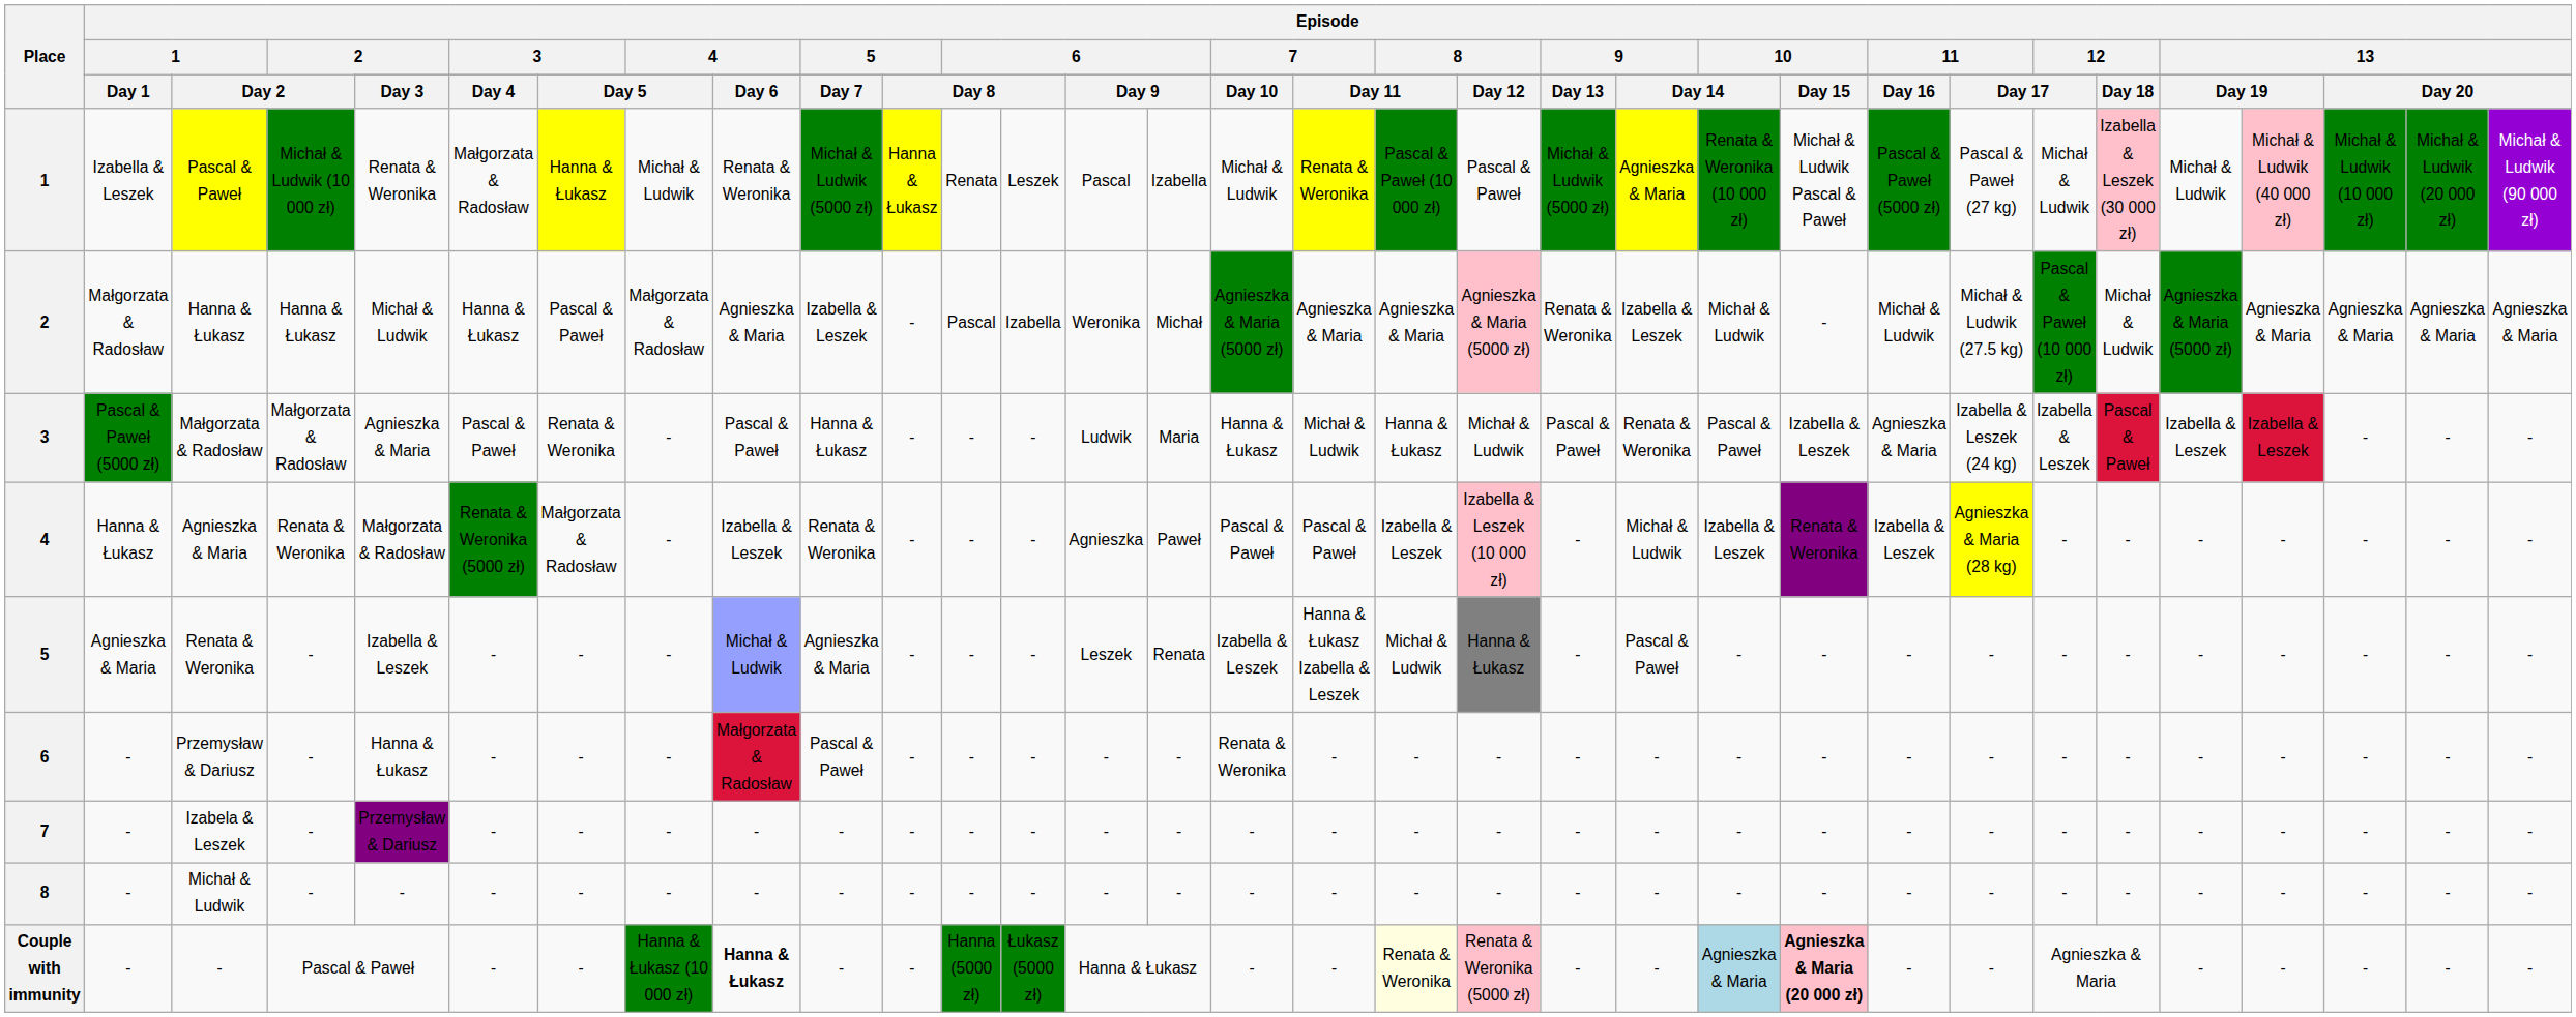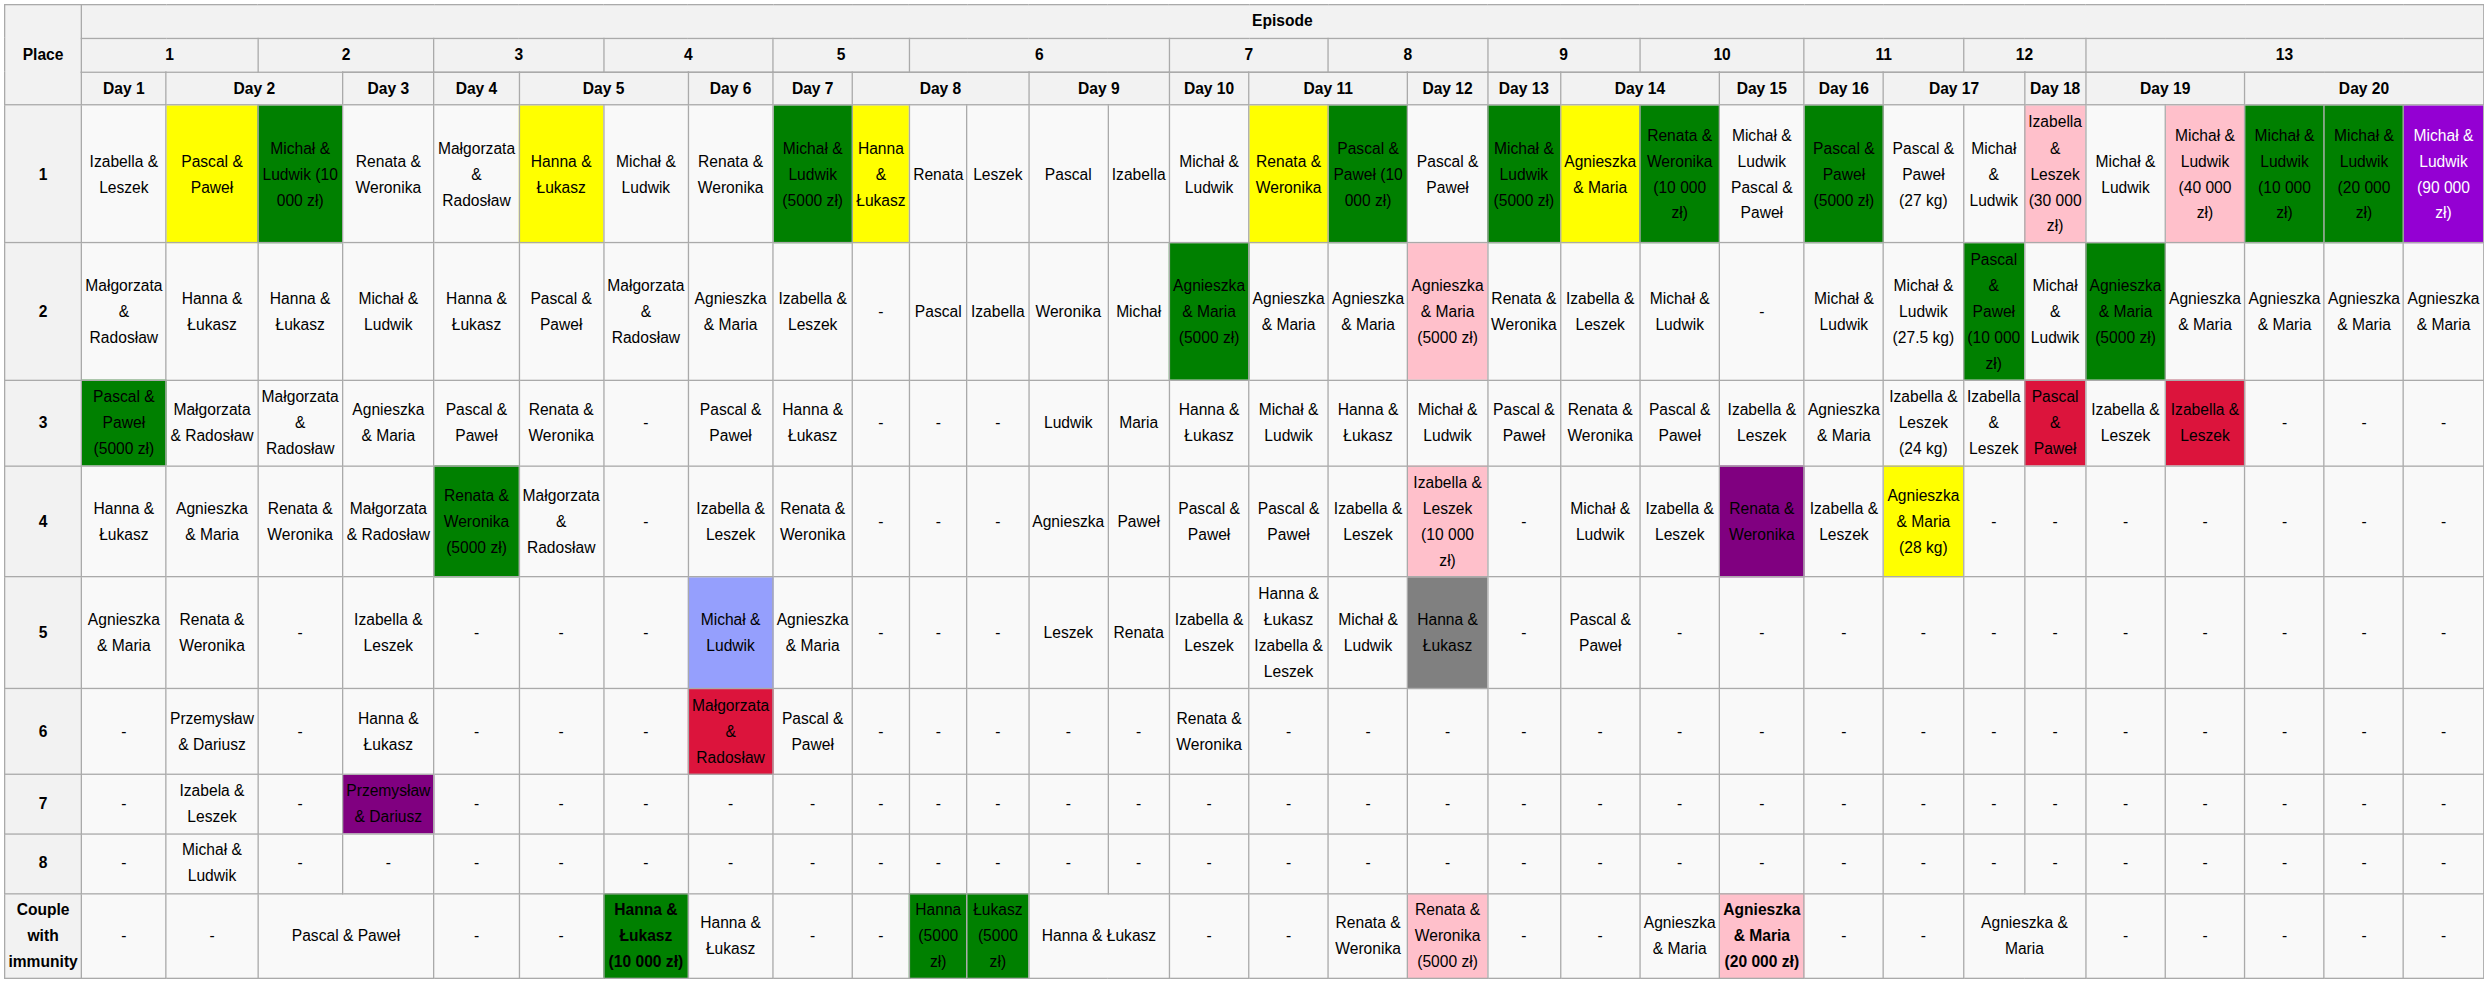 <table class="wikitable" style="text-align: center; font-size: 9pt; line-height:20px;">
 <tr>
 <th rowspan="15">Place</th>
 <th colspan="32">Episode</th>
 </tr>
 <tr>
 <th colspan="2">1</th>
 <th colspan="2">2</th>
 <th colspan="2">3</th>
 <th colspan="2">4</th>
 <th colspan="2">5</th>
 <th colspan="4">6</th>
 <th colspan="2">7</th>
 <th colspan="2">8</th>
 <th colspan="2">9</th>
 <th colspan="2">10</th>
 <th colspan="2">11</th>
 <th colspan="2">12</th>
 <th colspan="5">13</th>
 </tr>
 <tr>
 <th rowspan="13">Day 1</th>
 <th rowspan="13" colspan="2">Day 2</th>
 </tr>
 <tr>
 <th rowspan="12">Day 3</th>
 </tr>
 <tr>
 <th rowspan="11">Day 4</th>
 <th rowspan="11" colspan="2">Day 5</th>
 </tr>
 <tr>
 <th rowspan="10">Day 6</th>
 </tr>
 <tr>
 <th rowspan="9">Day 7</th>
 <th rowspan="9" colspan="3">Day 8</th>
 </tr>
 <tr>
 <th rowspan="8" colspan="2">Day 9</th>
 </tr>
 <tr>
 <th rowspan="7">Day 10</th>
 <th rowspan="7" colspan="2">Day 11</th>
 </tr>
 <tr>
 <th rowspan="6">Day 12</th>
 </tr>
 <tr>
 <th rowspan="5">Day 13</th>
 <th rowspan="5" colspan="2">Day 14</th>
 </tr>
 <tr>
 <th rowspan="4">Day 15</th>
 </tr>
 <tr>
 <th rowspan="3">Day 16</th>
 <th rowspan="3" colspan="2">Day 17</th>
 </tr>
 <tr>
 <th rowspan="2">Day 18</th>
 </tr>
 <tr>
 <th rowspan="1" colspan="2">Day 19</th>
 <th rowspan="1" colspan="3">Day 20</th>
 </tr>
 <tr>
 <th>1</th>
 <td>Izabella & Leszek</td>
 <td bgcolor=yellow>Pascal & Paweł</td>
 <td bgcolor=green>Michał & Ludwik (10 000 zł)</td>
 <td>Renata & Weronika</td>
 <td>Małgorzata & Radosław</td>
 <td bgcolor=yellow>Hanna & Łukasz</td>
 <td>Michał & Ludwik</td>
 <td>Renata & Weronika</td>
 <td bgcolor=green>Michał & Ludwik (5000 zł)</td>
 <td bgcolor=yellow>Hanna & Łukasz</td>
 <td>Renata</td>
 <td>Leszek</td>
 <td>Pascal</td>
 <td>Izabella</td>
 <td>Michał & Ludwik</td>
 <td bgcolor=yellow>Renata & Weronika</td>
 <td bgcolor=green>Pascal & Paweł (10 000 zł)</td>
 <td>Pascal & Paweł</td>
 <td bgcolor=green>Michał & Ludwik (5000 zł)</td>
 <td bgcolor=yellow>Agnieszka & Maria</td>
 <td bgcolor=green>Renata & Weronika (10 000 zł)</td>
 <td>Michał & Ludwik <br> Pascal & Paweł</td>
 <td bgcolor=green>Pascal & Paweł (5000 zł)</td>
 <td>Pascal & Paweł (27 kg)</td>
 <td>Michał & Ludwik</td>
 <td bgcolor=pink>Izabella & Leszek (30 000 zł)</td>
 <td>Michał & Ludwik</td>
 <td bgcolor=pink>Michał & Ludwik (40 000 zł)</td>
 <td bgcolor=green>Michał & Ludwik (10 000 zł)</td>
 <td bgcolor=green>Michał & Ludwik (20 000 zł)</td>
 <td style="background:darkviolet; color:white;">Michał & Ludwik (90 000 zł)</td>
 </tr>
 <tr>
 <th>2</th>
 <td>Małgorzata & Radosław</td>
 <td>Hanna & Łukasz</td>
 <td>Hanna & Łukasz</td>
 <td>Michał & Ludwik</td>
 <td>Hanna & Łukasz</td>
 <td>Pascal & Paweł</td>
 <td>Małgorzata & Radosław</td>
 <td>Agnieszka & Maria</td>
 <td>Izabella & Leszek</td>
 <td>-</td>
 <td>Pascal</td>
 <td>Izabella</td>
 <td>Weronika</td>
 <td>Michał</td>
 <td bgcolor=green>Agnieszka & Maria (5000 zł)</td>
 <td>Agnieszka & Maria</td>
 <td>Agnieszka & Maria</td>
 <td bgcolor=pink>Agnieszka & Maria (5000 zł)</td>
 <td>Renata & Weronika</td>
 <td>Izabella & Leszek</td>
 <td>Michał & Ludwik</td>
 <td>-</td>
 <td>Michał & Ludwik</td>
 <td>Michał & Ludwik (27.5 kg)</td>
 <td bgcolor=green>Pascal & Paweł (10 000 zł)</td>
 <td>Michał & Ludwik</td>
 <td bgcolor=green>Agnieszka & Maria (5000 zł)</td>
 <td>Agnieszka & Maria</td>
 <td>Agnieszka & Maria</td>
 <td>Agnieszka & Maria</td>
 <td>Agnieszka & Maria</td>
 </tr>
 <tr>
 <th>3</th>
 <td bgcolor=green>Pascal & Paweł (5000 zł)</td>
 <td>Małgorzata & Radosław</td>
 <td>Małgorzata & Radosław</td>
 <td>Agnieszka & Maria</td>
 <td>Pascal & Paweł</td>
 <td>Renata & Weronika</td>
 <td>-</td>
 <td>Pascal & Paweł</td>
 <td>Hanna & Łukasz</td>
 <td>-</td>
 <td>-</td>
 <td>-</td>
 <td>Ludwik</td>
 <td>Maria</td>
 <td>Hanna & Łukasz</td>
 <td>Michał & Ludwik</td>
 <td>Hanna & Łukasz</td>
 <td>Michał & Ludwik</td>
 <td>Pascal & Paweł</td>
 <td>Renata & Weronika</td>
 <td>Pascal & Paweł</td>
 <td>Izabella & Leszek</td>
 <td>Agnieszka & Maria</td>
 <td>Izabella & Leszek (24 kg)</td>
 <td>Izabella & Leszek</td>
 <td bgcolor=crimson>Pascal & Paweł</td>
 <td>Izabella & Leszek</td>
 <td bgcolor=crimson>Izabella & Leszek</td>
 <td>-</td>
 <td>-</td>
 <td>-</td>
 </tr>
 <tr>
 <th>4</th>
 <td>Hanna & Łukasz</td>
 <td>Agnieszka & Maria</td>
 <td>Renata & Weronika</td>
 <td>Małgorzata & Radosław</td>
 <td bgcolor=green>Renata & Weronika (5000 zł)</td>
 <td>Małgorzata & Radosław</td>
 <td>-</td>
 <td>Izabella & Leszek</td>
 <td>Renata & Weronika</td>
 <td>-</td>
 <td>-</td>
 <td>-</td>
 <td>Agnieszka</td>
 <td>Paweł</td>
 <td>Pascal & Paweł</td>
 <td>Pascal & Paweł</td>
 <td>Izabella & Leszek</td>
 <td bgcolor=pink>Izabella & Leszek (10 000 zł)</td>
 <td>-</td>
 <td>Michał & Ludwik</td>
 <td>Izabella & Leszek</td>
 <td bgcolor=purple>Renata & Weronika</td>
 <td>Izabella & Leszek</td>
 <td bgcolor=yellow>Agnieszka & Maria (28 kg)</td>
 <td>-</td>
 <td>-</td>
 <td>-</td>
 <td>-</td>
 <td>-</td>
 <td>-</td>
 <td>-</td>
 </tr>
 <tr>
 <th>5</th>
 <td>Agnieszka & Maria</td>
 <td>Renata & Weronika</td>
 <td>-</td>
 <td>Izabella & Leszek</td>
 <td>-</td>
 <td>-</td>
 <td>-</td>
 <td bgcolor=#959FFD>Michał & Ludwik</td>
 <td>Agnieszka & Maria</td>
 <td>-</td>
 <td>-</td>
 <td>-</td>
 <td>Leszek</td>
 <td>Renata</td>
 <td>Izabella & Leszek</td>
 <td>Hanna & Łukasz <br> Izabella & Leszek</td>
 <td>Michał & Ludwik</td>
 <td bgcolor=gray>Hanna & Łukasz</td>
 <td>-</td>
 <td>Pascal & Paweł</td>
 <td>-</td>
 <td>-</td>
 <td>-</td>
 <td>-</td>
 <td>-</td>
 <td>-</td>
 <td>-</td>
 <td>-</td>
 <td>-</td>
 <td>-</td>
 <td>-</td>
 </tr>
 <tr>
 <th>6</th>
 <td>-</td>
 <td>Przemysław & Dariusz</td>
 <td>-</td>
 <td>Hanna & Łukasz</td>
 <td>-</td>
 <td>-</td>
 <td>-</td>
 <td bgcolor=crimson>Małgorzata & Radosław</td>
 <td>Pascal & Paweł</td>
 <td>-</td>
 <td>-</td>
 <td>-</td>
 <td>-</td>
 <td>-</td>
 <td>Renata & Weronika</td>
 <td>-</td>
 <td>-</td>
 <td>-</td>
 <td>-</td>
 <td>-</td>
 <td>-</td>
 <td>-</td>
 <td>-</td>
 <td>-</td>
 <td>-</td>
 <td>-</td>
 <td>-</td>
 <td>-</td>
 <td>-</td>
 <td>-</td>
 <td>-</td>
 </tr>
 <tr>
 <th>7</th>
 <td>-</td>
 <td>Izabela & Leszek</td>
 <td>-</td>
 <td bgcolor=purple>Przemysław & Dariusz</td>
 <td>-</td>
 <td>-</td>
 <td>-</td>
 <td>-</td>
 <td>-</td>
 <td>-</td>
 <td>-</td>
 <td>-</td>
 <td>-</td>
 <td>-</td>
 <td>-</td>
 <td>-</td>
 <td>-</td>
 <td>-</td>
 <td>-</td>
 <td>-</td>
 <td>-</td>
 <td>-</td>
 <td>-</td>
 <td>-</td>
 <td>-</td>
 <td>-</td>
 <td>-</td>
 <td>-</td>
 <td>-</td>
 <td>-</td>
 <td>-</td>
 </tr>
 <tr>
 <th>8</th>
 <td>-</td>
 <td>Michał & Ludwik</td>
 <td>-</td>
 <td>-</td>
 <td>-</td>
 <td>-</td>
 <td>-</td>
 <td>-</td>
 <td>-</td>
 <td>-</td>
 <td>-</td>
 <td>-</td>
 <td>-</td>
 <td>-</td>
 <td>-</td>
 <td>-</td>
 <td>-</td>
 <td>-</td>
 <td>-</td>
 <td>-</td>
 <td>-</td>
 <td>-</td>
 <td>-</td>
 <td>-</td>
 <td>-</td>
 <td>-</td>
 <td>-</td>
 <td>-</td>
 <td>-</td>
 <td>-</td>
 <td>-</td>
 </tr>
 <tr>
 <th>Couple with immunity</th>
 <td>-</td>
 <td>-</td>
 <td colspan="2">Pascal & Paweł</td>
 <td>-</td>
 <td>-</td>
-<td bgcolor=green>Hanna & Łukasz (10 000 zł)</td>
-<td><strong>Hanna & Łukasz</strong></td>
+<td bgcolor=green><strong>Hanna & Łukasz (10 000 zł)</strong></td>
+<td>Hanna & Łukasz</td>
 <td>-</td>
 <td>-</td>
 <td bgcolor=green>Hanna (5000 zł)</td>
 <td bgcolor=green>Łukasz (5000 zł)</td>
 <td colspan="2">Hanna & Łukasz</td>
 <td>-</td>
 <td>-</td>
-<td style="background: lightyellow;">Renata & Weronika</td>
+<td>Renata & Weronika</td>
 <td bgcolor=pink>Renata & Weronika (5000 zł)</td>
 <td>-</td>
 <td>-</td>
-<td style="background: lightblue;">Agnieszka & Maria</td>
+<td>Agnieszka & Maria</td>
 <td bgcolor=pink><strong>Agnieszka & Maria (20 000 zł)</strong></td>
 <td>-</td>
 <td>-</td>
 <td colspan="2">Agnieszka & Maria</td>
 <td>-</td>
 <td>-</td>
 <td>-</td>
 <td>-</td>
 <td>-</td>
 </tr>
 </table>
